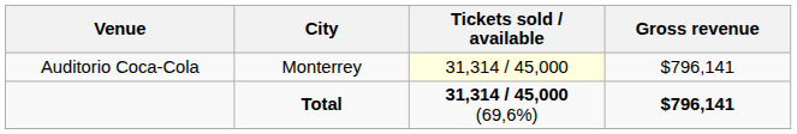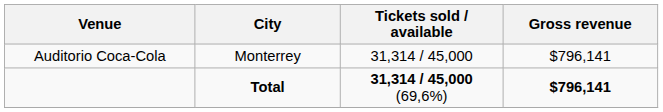 <table class="wikitable">
 <tr>
 <th width="200" rowspan="1">Venue</th>
 <th width="150" rowspan="1">City</th>
 <th width="170" rowspan="1">Tickets sold / available</th>
 <th width="160" rowspan="1">Gross revenue</th>
 </tr>
 <tr>
 <td align="center">Auditorio Coca-Cola</td>
 <td align="center">Monterrey</td>
-<td align="center" style="background: lightyellow;">31,314 / 45,000</td>
+<td align="center">31,314 / 45,000</td>
 <td align="center">$796,141</td>
 </tr>
 <tr>
 <td align="center"></td>
 <td align="center"><strong>Total</strong></td>
 <td align="center"><strong>31,314 / 45,000</strong> (69,6%)</td>
 <td align="center"><strong>$796,141</strong></td>
 </tr>
 <tr>
 </tr>
 </table>
